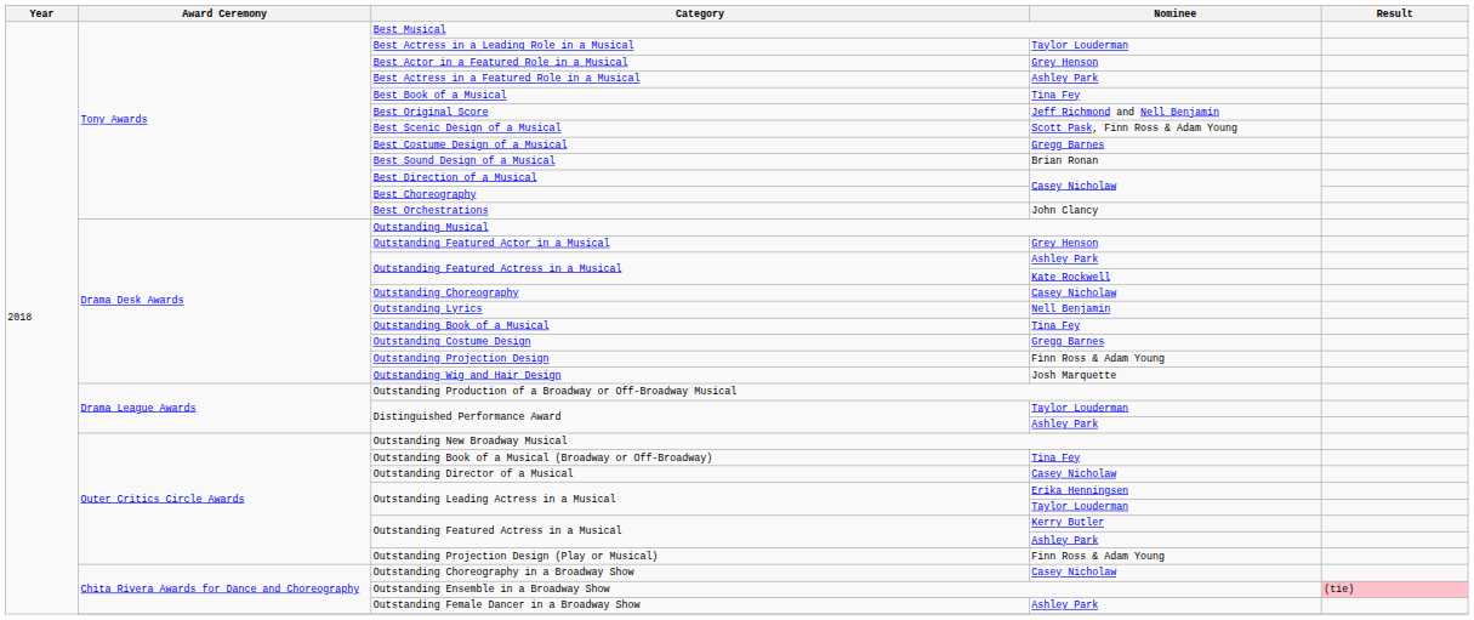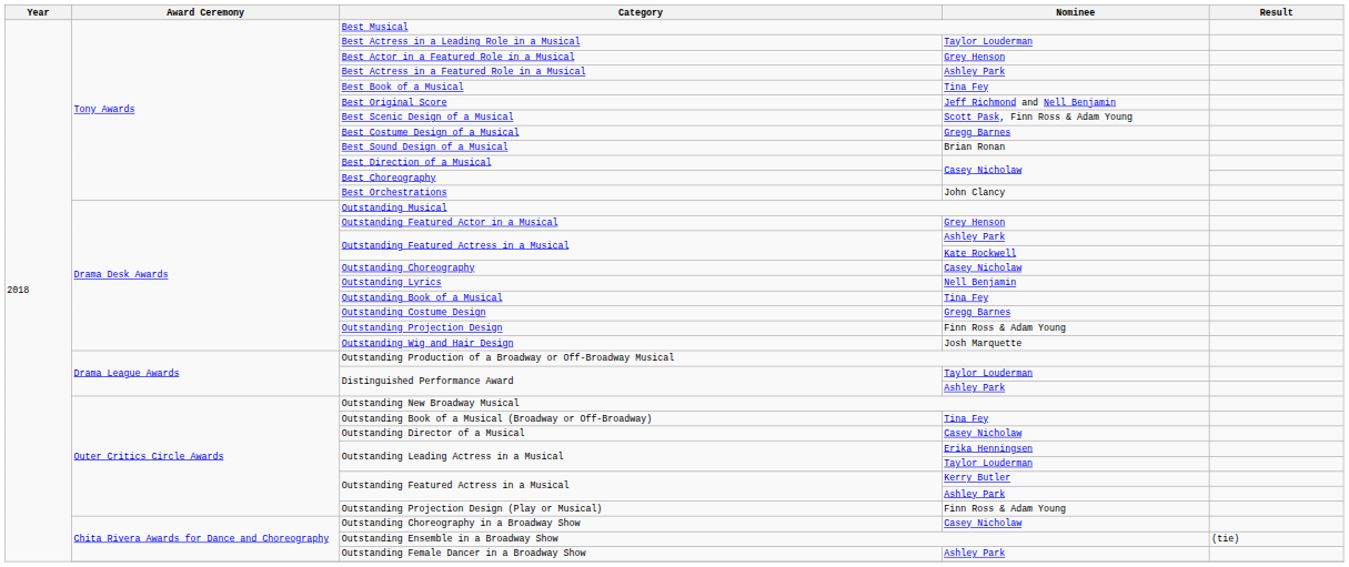 <table class="wikitable" width="95%">
 <tr>
 <th width="5%">Year</th>
 <th width="20%">Award Ceremony</th>
 <th width="45%">Category</th>
 <th width="20%">Nominee</th>
 <th width="10%">Result</th>
 </tr>
 <tr>
 <td rowspan="53">2018</td>
 <td rowspan="12"><a href='#'>Tony Awards</a></td>
 <td colspan="2"><a href='#'>Best Musical</a></td>
 <td></td>
 </tr>
 <tr>
 <td><a href='#'>Best Actress in a Leading Role in a Musical</a></td>
 <td><a href='#'>Taylor Louderman</a></td>
 <td></td>
 </tr>
 <tr>
 <td><a href='#'>Best Actor in a Featured Role in a Musical</a></td>
 <td><a href='#'>Grey Henson</a></td>
 <td></td>
 </tr>
 <tr>
 <td><a href='#'>Best Actress in a Featured Role in a Musical</a></td>
 <td><a href='#'>Ashley Park</a></td>
 <td></td>
 </tr>
 <tr>
 <td><a href='#'>Best Book of a Musical</a></td>
 <td><a href='#'>Tina Fey</a></td>
 <td></td>
 </tr>
 <tr>
 <td><a href='#'>Best Original Score</a></td>
 <td><a href='#'>Jeff Richmond</a> and <a href='#'>Nell Benjamin</a></td>
 <td></td>
 </tr>
 <tr>
 <td><a href='#'>Best Scenic Design of a Musical</a></td>
 <td><a href='#'>Scott Pask</a>, Finn Ross & Adam Young</td>
 <td></td>
 </tr>
 <tr>
 <td><a href='#'>Best Costume Design of a Musical</a></td>
 <td><a href='#'>Gregg Barnes</a></td>
 <td></td>
 </tr>
 <tr>
 <td><a href='#'>Best Sound Design of a Musical</a></td>
 <td>Brian Ronan</td>
 <td></td>
 </tr>
 <tr>
 <td><a href='#'>Best Direction of a Musical</a></td>
 <td rowspan="2"><a href='#'>Casey Nicholaw</a></td>
 <td></td>
 </tr>
 <tr>
 <td><a href='#'>Best Choreography</a></td>
 <td></td>
 </tr>
 <tr>
 <td><a href='#'>Best Orchestrations</a></td>
 <td>John Clancy</td>
 <td></td>
 </tr>
 <tr>
 <td rowspan="10"><a href='#'>Drama Desk Awards</a></td>
 <td colspan="2"><a href='#'>Outstanding Musical</a></td>
 <td></td>
 </tr>
 <tr>
 <td><a href='#'>Outstanding Featured Actor in a Musical</a></td>
 <td><a href='#'>Grey Henson</a></td>
 <td></td>
 </tr>
 <tr>
 <td rowspan="2"><a href='#'>Outstanding Featured Actress in a Musical</a></td>
 <td><a href='#'>Ashley Park</a></td>
 <td></td>
 </tr>
 <tr>
 <td><a href='#'>Kate Rockwell</a></td>
 <td></td>
 </tr>
 <tr>
 <td><a href='#'>Outstanding Choreography</a></td>
 <td><a href='#'>Casey Nicholaw</a></td>
 <td></td>
 </tr>
 <tr>
 <td><a href='#'>Outstanding Lyrics</a></td>
 <td><a href='#'>Nell Benjamin</a></td>
 <td></td>
 </tr>
 <tr>
 <td><a href='#'>Outstanding Book of a Musical</a></td>
 <td><a href='#'>Tina Fey</a></td>
 <td></td>
 </tr>
 <tr>
 <td><a href='#'>Outstanding Costume Design</a></td>
 <td><a href='#'>Gregg Barnes</a></td>
 <td></td>
 </tr>
 <tr>
 <td><a href='#'>Outstanding Projection Design</a></td>
 <td>Finn Ross & Adam Young</td>
 <td></td>
 </tr>
 <tr>
 <td><a href='#'>Outstanding Wig and Hair Design</a></td>
 <td>Josh Marquette</td>
 <td></td>
 </tr>
 <tr>
 <td rowspan="3"><a href='#'>Drama League Awards</a></td>
 <td colspan="2">Outstanding Production of a Broadway or Off-Broadway Musical</td>
 <td></td>
 </tr>
 <tr>
 <td rowspan="2">Distinguished Performance Award</td>
 <td><a href='#'>Taylor Louderman</a></td>
 <td></td>
 </tr>
 <tr>
 <td><a href='#'>Ashley Park</a></td>
 <td></td>
 </tr>
 <tr>
 <td rowspan="8"><a href='#'>Outer Critics Circle Awards</a></td>
 <td colspan="2">Outstanding New Broadway Musical</td>
 <td></td>
 </tr>
 <tr>
 <td>Outstanding Book of a Musical (Broadway or Off-Broadway)</td>
 <td><a href='#'>Tina Fey</a></td>
 <td></td>
 </tr>
 <tr>
 <td>Outstanding Director of a Musical</td>
 <td><a href='#'>Casey Nicholaw</a></td>
 <td></td>
 </tr>
 <tr>
 <td rowspan="2">Outstanding Leading Actress in a Musical</td>
 <td><a href='#'>Erika Henningsen</a></td>
 <td></td>
 </tr>
 <tr>
 <td><a href='#'>Taylor Louderman</a></td>
 <td></td>
 </tr>
 <tr>
 <td rowspan="2">Outstanding Featured Actress in a Musical</td>
 <td><a href='#'>Kerry Butler</a></td>
 <td></td>
 </tr>
 <tr>
 <td><a href='#'>Ashley Park</a></td>
 <td></td>
 </tr>
 <tr>
 <td>Outstanding Projection Design (Play or Musical)</td>
 <td>Finn Ross & Adam Young</td>
 <td></td>
 </tr>
 <tr>
 <td rowspan="3"><a href='#'>Chita Rivera Awards for Dance and Choreography</a></td>
 <td>Outstanding Choreography in a Broadway Show</td>
 <td><a href='#'>Casey Nicholaw</a></td>
 <td></td>
 </tr>
 <tr>
 <td colspan="2">Outstanding Ensemble in a Broadway Show</td>
-<td style="background: pink;"> (tie)</td>
+<td> (tie)</td>
 </tr>
 <tr>
 <td>Outstanding Female Dancer in a Broadway Show</td>
 <td><a href='#'>Ashley Park</a></td>
 <td></td>
 </tr>
 <tr>
 </tr>
 </table>
